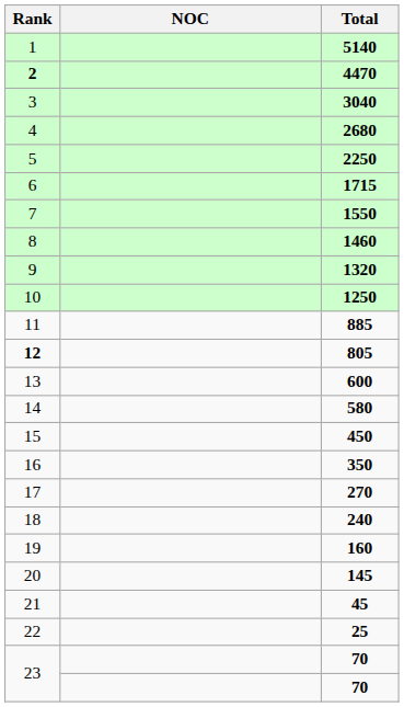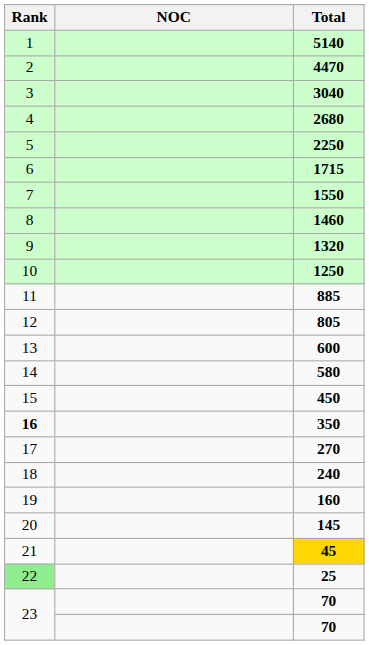 <table class="wikitable" style="text-align:center; font-size:90%">
 <tr>
 <th width=40>Rank</th>
 <th width=216>NOC</th>
 <th width=60>Total</th>
 </tr>
 <tr bgcolor=#ccffcc>
 <td>1</td>
 <td align=left></td>
 <td><strong>5140</strong></td>
 </tr>
 <tr bgcolor=#ccffcc>
-<td><strong>2</strong></td>
+<td>2</td>
 <td align=left></td>
 <td><strong>4470</strong></td>
 </tr>
 <tr bgcolor=#ccffcc>
 <td>3</td>
 <td align=left></td>
 <td><strong>3040</strong></td>
 </tr>
 <tr bgcolor=#ccffcc>
 <td>4</td>
 <td align=left></td>
 <td><strong>2680</strong></td>
 </tr>
 <tr bgcolor=#ccffcc>
 <td>5</td>
 <td align=left></td>
 <td><strong>2250</strong></td>
 </tr>
 <tr bgcolor=#ccffcc>
 <td>6</td>
 <td align=left></td>
 <td><strong>1715</strong></td>
 </tr>
 <tr bgcolor=#ccffcc>
 <td>7</td>
 <td align=left></td>
 <td><strong>1550</strong></td>
 </tr>
 <tr bgcolor=#ccffcc>
 <td>8</td>
 <td align=left></td>
 <td><strong>1460</strong></td>
 </tr>
 <tr bgcolor=#ccffcc>
 <td>9</td>
 <td align=left></td>
 <td><strong>1320</strong></td>
 </tr>
 <tr bgcolor=#ccffcc>
 <td>10</td>
 <td align=left></td>
 <td><strong>1250</strong></td>
 </tr>
 <tr>
 <td>11</td>
 <td align=left></td>
 <td><strong>885</strong></td>
 </tr>
 <tr>
-<td><strong>12</strong></td>
+<td>12</td>
 <td align=left></td>
 <td><strong>805</strong></td>
 </tr>
 <tr>
 <td>13</td>
 <td align=left></td>
 <td><strong>600</strong></td>
 </tr>
 <tr>
 <td>14</td>
 <td align=left></td>
 <td><strong>580</strong></td>
 </tr>
 <tr>
 <td>15</td>
 <td align=left></td>
 <td><strong>450</strong></td>
 </tr>
 <tr>
-<td>16</td>
+<td><strong>16</strong></td>
 <td align=left></td>
 <td><strong>350</strong></td>
 </tr>
 <tr>
 <td>17</td>
 <td align=left></td>
 <td><strong>270</strong></td>
 </tr>
 <tr>
 <td>18</td>
 <td align=left></td>
 <td><strong>240</strong></td>
 </tr>
 <tr>
 <td>19</td>
 <td align=left></td>
 <td><strong>160</strong></td>
 </tr>
 <tr>
 <td>20</td>
 <td align=left></td>
 <td><strong>145</strong></td>
 </tr>
 <tr>
 <td>21</td>
 <td align=left></td>
-<td><strong>45</strong></td>
+<td style="background: gold;"><strong>45</strong></td>
 </tr>
 <tr>
-<td>22</td>
+<td style="background: lightgreen;">22</td>
 <td align=left></td>
 <td><strong>25</strong></td>
 </tr>
 <tr>
 <td rowspan=2>23</td>
 <td align=left></td>
 <td><strong>70</strong></td>
 </tr>
 <tr>
 <td align=left></td>
 <td><strong>70</strong></td>
 </tr>
 </table>
